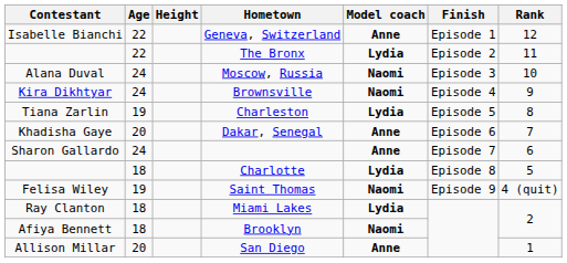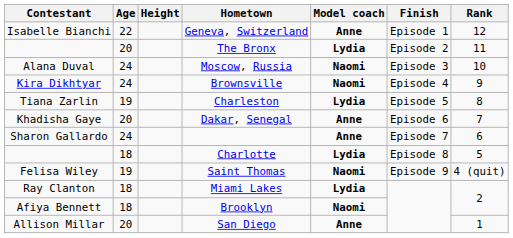 <table class="wikitable sortable" style="text-align:center;">
 <tr>
 <th>Contestant</th>
 <th>Age</th>
 <th>Height</th>
 <th>Hometown</th>
 <th>Model coach</th>
 <th>Finish</th>
 <th>Rank</th>
 </tr>
 <tr>
 <td>Isabelle Bianchi</td>
 <td>22</td>
 <td></td>
 <td><a href='#'>Geneva</a>, <a href='#'>Switzerland</a></td>
 <td><strong><span>Anne</span></strong></td>
 <td>Episode 1</td>
 <td>12</td>
 </tr>
 <tr>
 <td></td>
-<td>22</td>
+<td>20</td>
 <td></td>
 <td><a href='#'>The Bronx</a></td>
 <td><strong><span>Lydia</span></strong></td>
 <td>Episode 2</td>
 <td>11</td>
 </tr>
 <tr>
 <td>Alana Duval</td>
 <td>24</td>
 <td></td>
 <td><a href='#'>Moscow</a>, <a href='#'>Russia</a></td>
 <td><strong><span>Naomi</span></strong></td>
 <td>Episode 3</td>
 <td>10</td>
 </tr>
 <tr>
 <td><a href='#'>Kira Dikhtyar</a></td>
 <td>24</td>
 <td></td>
 <td><a href='#'>Brownsville</a></td>
 <td><strong><span>Naomi</span></strong></td>
 <td>Episode 4</td>
 <td>9</td>
 </tr>
 <tr>
 <td>Tiana Zarlin</td>
 <td>19</td>
 <td></td>
 <td><a href='#'>Charleston</a></td>
 <td><strong><span>Lydia</span></strong></td>
 <td>Episode 5</td>
 <td>8</td>
 </tr>
 <tr>
 <td>Khadisha Gaye</td>
 <td>20</td>
 <td></td>
 <td><a href='#'>Dakar</a>, <a href='#'>Senegal</a></td>
 <td><strong><span>Anne</span></strong></td>
 <td>Episode 6</td>
 <td>7</td>
 </tr>
 <tr>
 <td>Sharon Gallardo</td>
 <td>24</td>
 <td></td>
 <td></td>
 <td><strong><span>Anne</span></strong></td>
 <td>Episode 7</td>
 <td>6</td>
 </tr>
 <tr>
 <td></td>
 <td>18</td>
 <td></td>
 <td><a href='#'>Charlotte</a></td>
 <td><strong><span>Lydia</span></strong></td>
 <td>Episode 8</td>
 <td>5</td>
 </tr>
 <tr>
 <td>Felisa Wiley</td>
 <td>19</td>
 <td></td>
 <td><a href='#'>Saint Thomas</a></td>
 <td><strong><span>Naomi</span></strong></td>
 <td>Episode 9</td>
 <td>4 (quit)</td>
 </tr>
 <tr>
 <td>Ray Clanton</td>
 <td>18</td>
 <td></td>
 <td><a href='#'>Miami Lakes</a></td>
 <td><strong><span>Lydia</span></strong></td>
 <td rowspan="3"></td>
 <td rowspan="2">2</td>
 </tr>
 <tr>
 <td>Afiya Bennett</td>
 <td>18</td>
 <td></td>
 <td><a href='#'>Brooklyn</a></td>
 <td><strong><span>Naomi</span></strong></td>
 </tr>
 <tr>
 <td>Allison Millar</td>
 <td>20</td>
 <td></td>
 <td><a href='#'>San Diego</a></td>
 <td><strong><span>Anne</span></strong></td>
 <td>1</td>
 </tr>
 </table>
